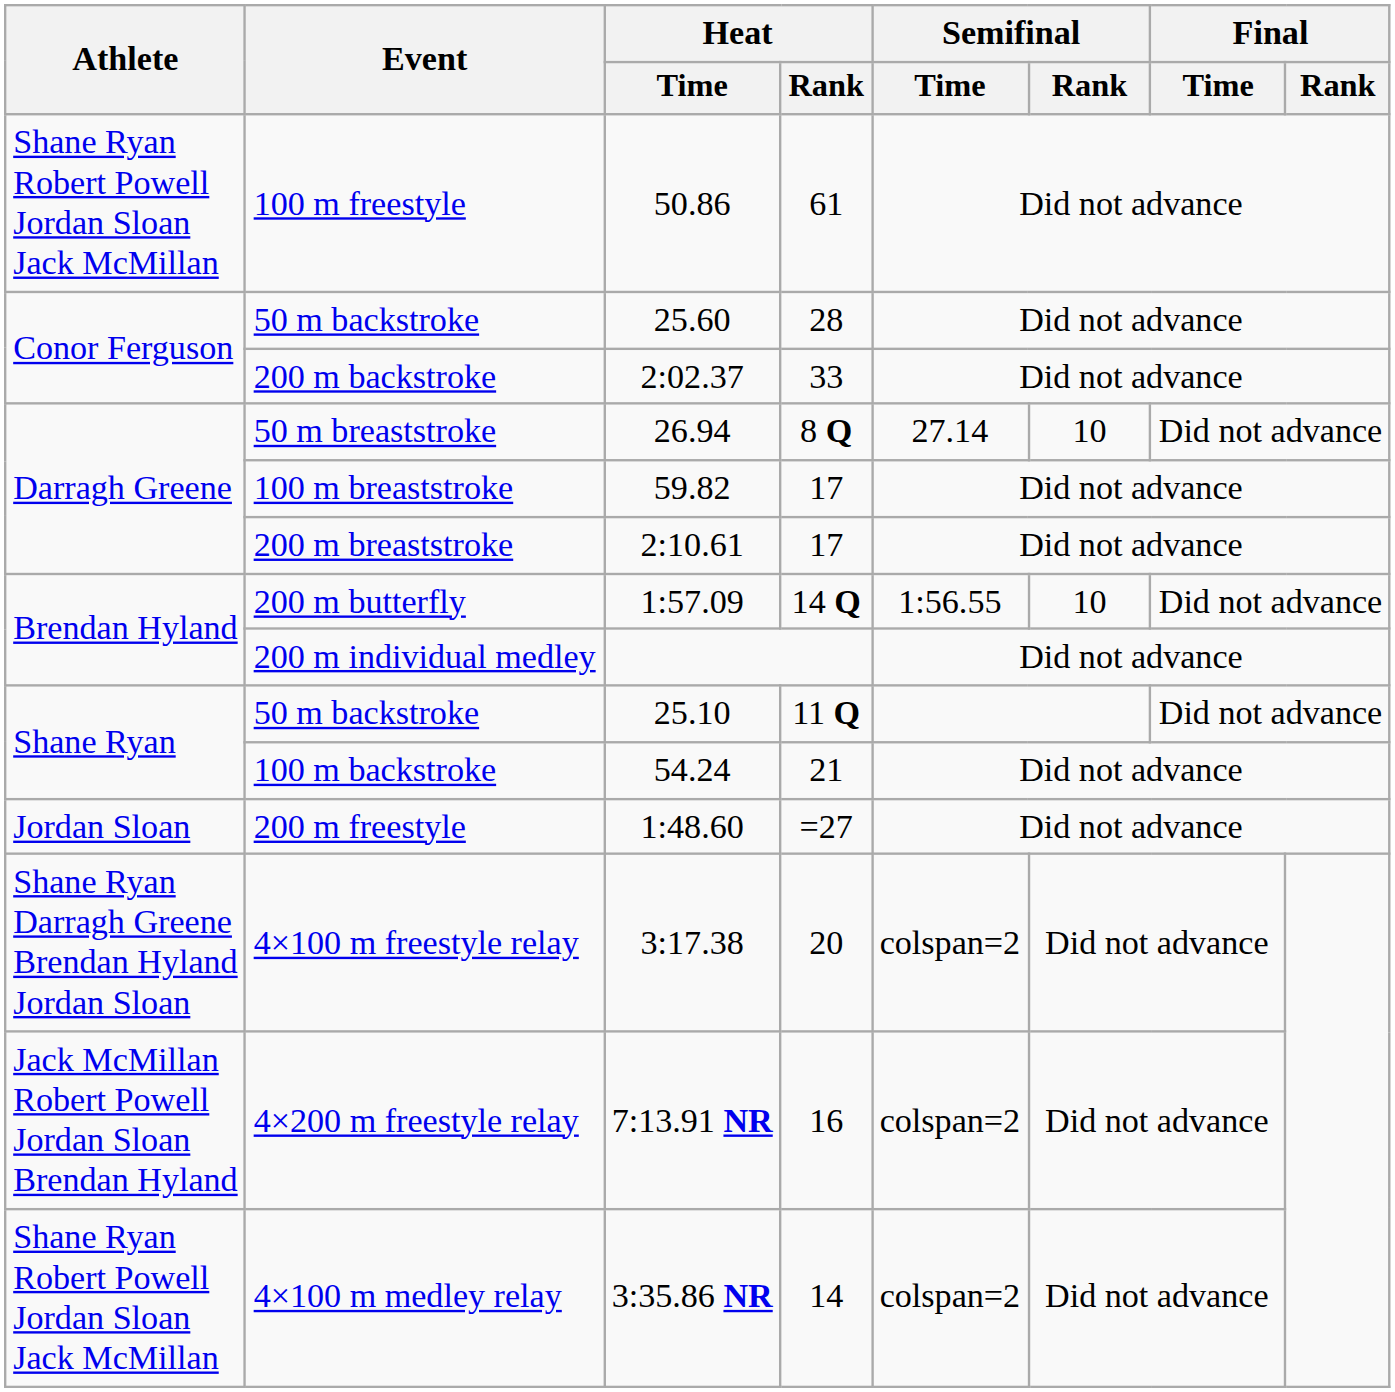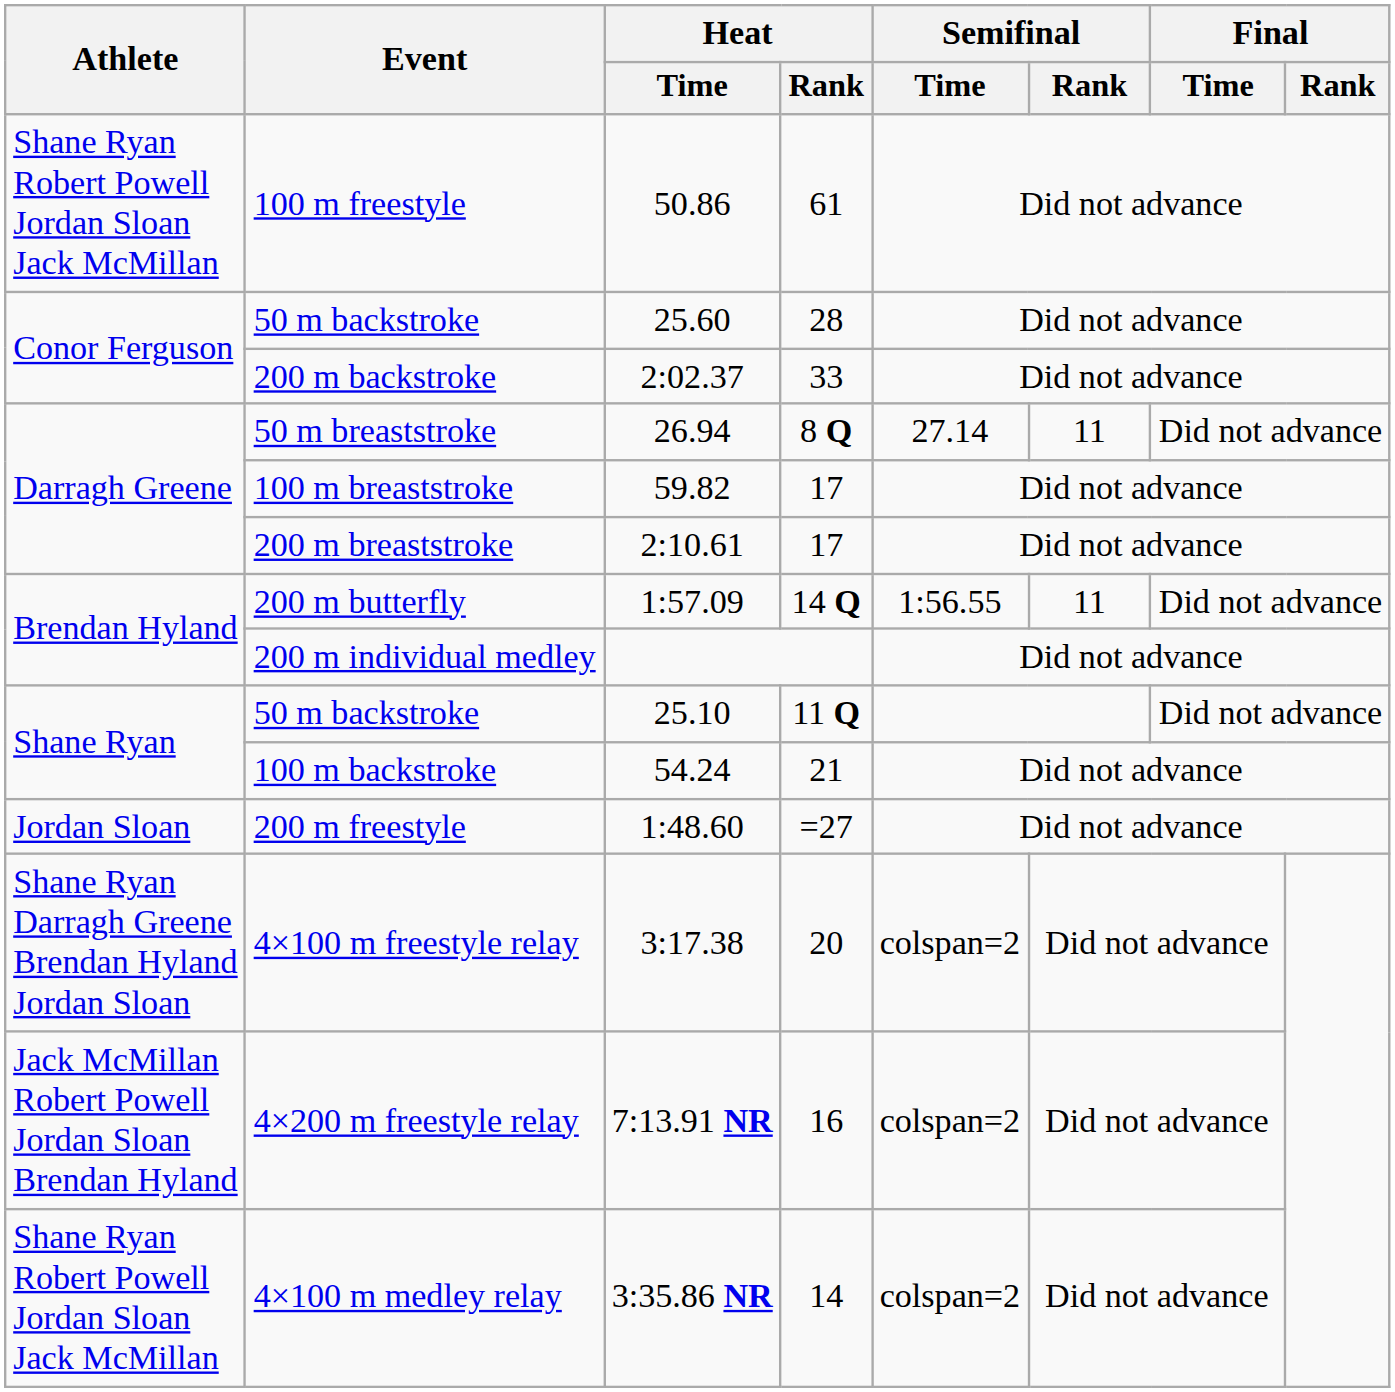 <table class="wikitable" style="text-align:center; font-size:90%">
 <tr>
 <th rowspan="2">Athlete</th>
 <th rowspan="2">Event</th>
 <th colspan="2">Heat</th>
 <th colspan="2">Semifinal</th>
 <th colspan="2">Final</th>
 </tr>
 <tr style="font-size:95%">
 <th>Time</th>
 <th>Rank</th>
 <th>Time</th>
 <th>Rank</th>
 <th>Time</th>
 <th>Rank</th>
 </tr>
 <tr>
 <td align=left><a href='#'>Shane Ryan</a><br><a href='#'>Robert Powell</a><br><a href='#'>Jordan Sloan</a><br><a href='#'>Jack McMillan</a></td>
 <td align=left><a href='#'>100 m freestyle</a></td>
 <td>50.86</td>
 <td>61</td>
 <td colspan=4>Did not advance</td>
 </tr>
 <tr>
 <td align=left rowspan=2><a href='#'>Conor Ferguson</a></td>
 <td align=left><a href='#'>50 m backstroke</a></td>
 <td>25.60</td>
 <td>28</td>
 <td colspan=4>Did not advance</td>
 </tr>
 <tr>
 <td align=left><a href='#'>200 m backstroke</a></td>
 <td>2:02.37</td>
 <td>33</td>
 <td colspan=4>Did not advance</td>
 </tr>
 <tr>
 <td align=left rowspan=3><a href='#'>Darragh Greene</a></td>
 <td align=left><a href='#'>50 m breaststroke</a></td>
 <td>26.94</td>
 <td>8 <strong>Q</strong></td>
 <td>27.14</td>
-<td>10</td>
+<td>11</td>
 <td colspan=2>Did not advance</td>
 </tr>
 <tr>
 <td align=left><a href='#'>100 m breaststroke</a></td>
 <td>59.82</td>
 <td>17</td>
 <td colspan=4>Did not advance</td>
 </tr>
 <tr>
 <td align=left><a href='#'>200 m breaststroke</a></td>
 <td>2:10.61</td>
 <td>17</td>
 <td colspan=4>Did not advance</td>
 </tr>
 <tr>
 <td align=left rowspan=2><a href='#'>Brendan Hyland</a></td>
 <td align=left><a href='#'>200 m butterfly</a></td>
 <td>1:57.09</td>
 <td>14 <strong>Q</strong></td>
 <td>1:56.55</td>
-<td>10</td>
+<td>11</td>
 <td colspan=2>Did not advance</td>
 </tr>
 <tr>
 <td align=left><a href='#'>200 m individual medley</a></td>
 <td colspan=2></td>
 <td colspan=4>Did not advance</td>
 </tr>
 <tr>
 <td align=left rowspan=2><a href='#'>Shane Ryan</a></td>
 <td align=left><a href='#'>50 m backstroke</a></td>
 <td>25.10</td>
 <td>11 <strong>Q</strong></td>
 <td colspan=2></td>
 <td colspan=2>Did not advance</td>
 </tr>
 <tr>
 <td align=left><a href='#'>100 m backstroke</a></td>
 <td>54.24</td>
 <td>21</td>
 <td colspan=4>Did not advance</td>
 </tr>
 <tr>
 <td align=left><a href='#'>Jordan Sloan</a></td>
 <td align=left><a href='#'>200 m freestyle</a></td>
 <td>1:48.60</td>
 <td>=27</td>
 <td colspan=4>Did not advance</td>
 </tr>
 <tr>
 <td align=left><a href='#'>Shane Ryan</a><br><a href='#'>Darragh Greene</a><br><a href='#'>Brendan Hyland</a><br><a href='#'>Jordan Sloan</a></td>
 <td align=left><a href='#'>4×100 m freestyle relay</a></td>
 <td>3:17.38</td>
 <td>20</td>
 <td>colspan=2 </td>
 <td colspan=2>Did not advance</td>
 </tr>
 <tr>
 <td align=left><a href='#'>Jack McMillan</a><br><a href='#'>Robert Powell</a><br><a href='#'>Jordan Sloan</a><br><a href='#'>Brendan Hyland</a></td>
 <td align=left><a href='#'>4×200 m freestyle relay</a></td>
 <td>7:13.91 <strong><a href='#'>NR</a></strong></td>
 <td>16</td>
 <td>colspan=2 </td>
 <td colspan=2>Did not advance</td>
 </tr>
 <tr>
 <td align=left><a href='#'>Shane Ryan</a><br><a href='#'>Robert Powell</a><br><a href='#'>Jordan Sloan</a><br><a href='#'>Jack McMillan</a></td>
 <td align=left><a href='#'>4×100 m medley relay</a></td>
 <td>3:35.86 <strong><a href='#'>NR</a></strong></td>
 <td>14</td>
 <td>colspan=2 </td>
 <td colspan=2>Did not advance</td>
 </tr>
 </table>
